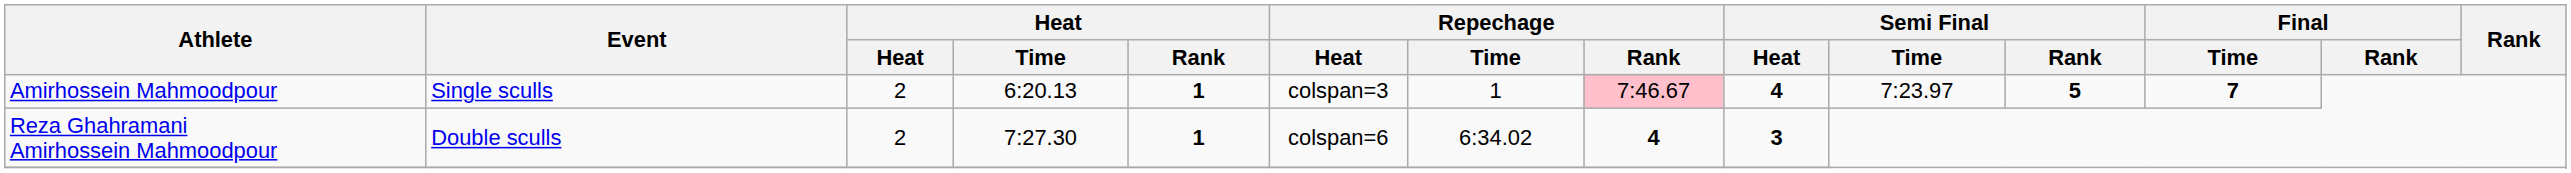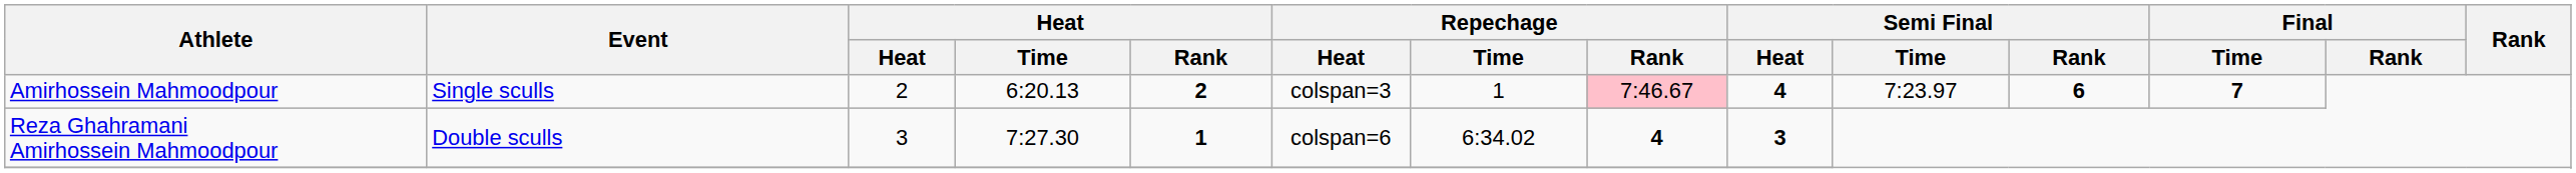 <table class="wikitable" width="85%" style="text-align:center; font-size:90%">
 <tr>
 <th rowspan="2" width="12%">Athlete</th>
 <th rowspan="2" width="12%">Event</th>
 <th colspan="3" width="12%">Heat</th>
 <th colspan="3" width="12%">Repechage</th>
 <th colspan="3" width="12%">Semi Final</th>
 <th colspan="2" width="9%">Final</th>
 <th rowspan="2" width="3%">Rank</th>
 </tr>
 <tr>
 <th width="3%">Heat</th>
 <th width="5%">Time</th>
 <th>Rank</th>
 <th width="3%">Heat</th>
 <th width="5%">Time</th>
 <th>Rank</th>
 <th width="3%">Heat</th>
 <th width="5%">Time</th>
 <th>Rank</th>
 <th width="5%">Time</th>
 <th>Rank</th>
 </tr>
 <tr>
 <td align=left><a href='#'>Amirhossein Mahmoodpour</a></td>
 <td align=left><a href='#'>Single sculls</a></td>
 <td>2</td>
 <td>6:20.13</td>
-<td><strong>1</strong> <strong></strong></td>
+<td><strong>2</strong> <strong></strong></td>
 <td>colspan=3 </td>
 <td>1</td>
 <td style="background: pink;">7:46.67</td>
 <td><strong>4</strong> <strong></strong></td>
 <td>7:23.97</td>
-<td><strong>5</strong></td>
+<td><strong>6</strong></td>
 <td><strong>7</strong></td>
 </tr>
 <tr>
 <td align=left><a href='#'>Reza Ghahramani</a><br><a href='#'>Amirhossein Mahmoodpour</a></td>
 <td align=left><a href='#'>Double sculls</a></td>
-<td>2</td>
+<td>3</td>
 <td>7:27.30</td>
 <td><strong>1</strong> <strong></strong></td>
 <td>colspan=6 </td>
 <td>6:34.02</td>
 <td><strong>4</strong></td>
 <td><strong>3</strong></td>
 </tr>
 <tr>
 </tr>
 </table>
